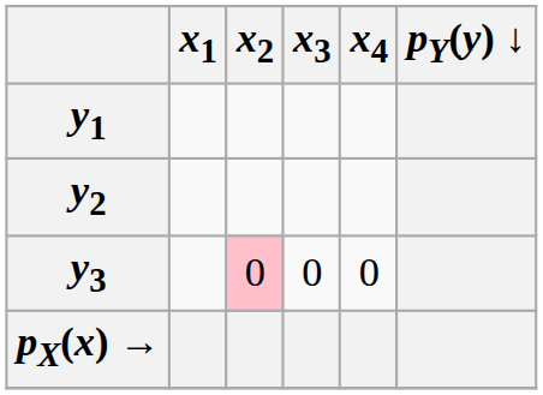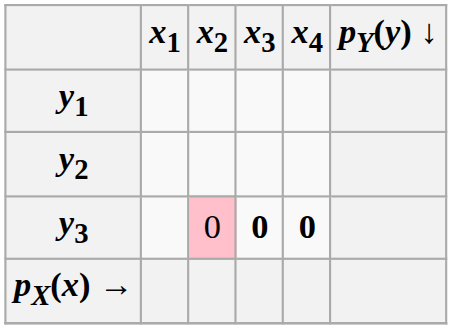 <table class="wikitable" style="text-align: center; margin: 1em auto;">
 <tr>
 <th></th>
 <th><em>x</em><sub>1</sub></th>
 <th><em>x</em><sub>2</sub></th>
 <th><em>x</em><sub>3</sub></th>
 <th><em>x</em><sub>4</sub></th>
 <th><em>p<sub>Y</sub></em>(<em>y</em>) ↓</th>
 </tr>
 <tr>
 <th><em>y</em><sub>1</sub></th>
 <td></td>
 <td></td>
 <td></td>
 <td></td>
 <th></th>
 </tr>
 <tr>
 <th><em>y</em><sub>2</sub></th>
 <td></td>
 <td></td>
 <td></td>
 <td></td>
 <th></th>
 </tr>
 <tr>
 <th><em>y</em><sub>3</sub></th>
 <td></td>
 <td style="background: pink;">0</td>
-<td>0</td>
-<td>0</td>
+<td><strong>0</strong></td>
+<td><strong>0</strong></td>
 <th></th>
 </tr>
 <tr>
 <th><em>p<sub>X</sub></em>(<em>x</em>) →</th>
 <th></th>
 <th></th>
 <th></th>
 <th></th>
 <th></th>
 </tr>
 <tr>
 </tr>
 </table>
